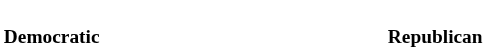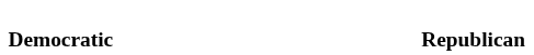 <table style="width:100%; text-align:center">
 <tr style="color:white">
 <td style="background:"><strong>206</strong></td>
-<td style="background:"><strong>2</strong></td>
 <td style="background:"><strong>227</strong></td>
 </tr>
 <tr>
 <td style="color:"><strong>Democratic</strong></td>
-<td style="width:0.46%"></td>
 <td style="color:"><strong>Republican</strong></td>
 </tr>
 </table>
